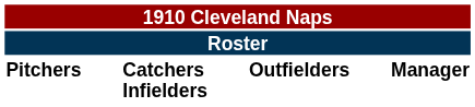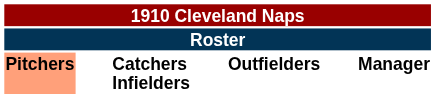 <table class="toccolours" style="font-size: 95%;">
 <tr>
 <th colspan="10" style="background-color: #990000; color: white; text-align: center;">1910 Cleveland Naps</th>
 </tr>
 <tr>
 <td colspan="10" style="background-color: #023456; color: white; text-align: center;"><strong>Roster</strong></td>
 </tr>
 <tr>
-<td valign="top"><strong>Pitchers</strong><br>             </td>
+<td valign="top" style="background: lightsalmon;"><strong>Pitchers</strong><br>             </td>
 <td width="25px"></td>
 <td valign="top"><strong>Catchers</strong><br>        <strong>Infielders</strong>            </td>
 <td width="25px"></td>
 <td valign="top"><strong>Outfielders</strong><br>         </td>
 <td width="25px"></td>
 <td valign="top"><strong>Manager</strong><br></td>
 </tr>
 </table>
